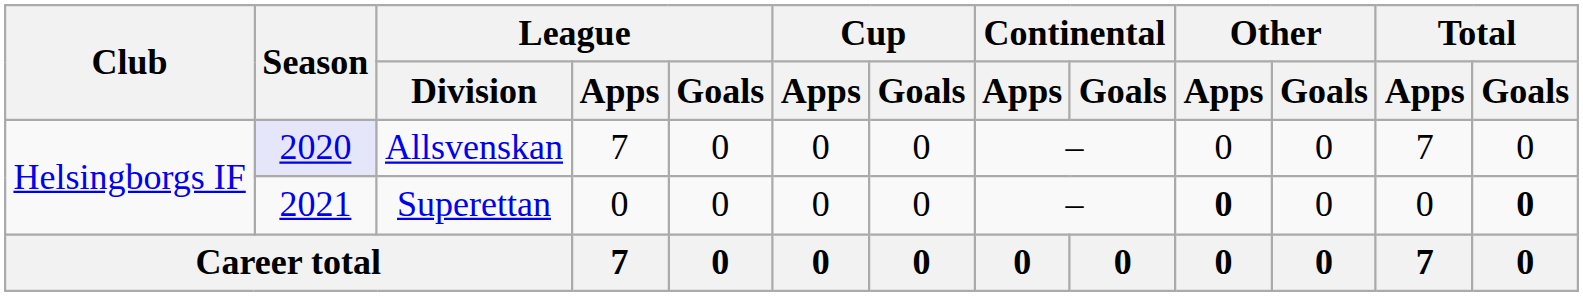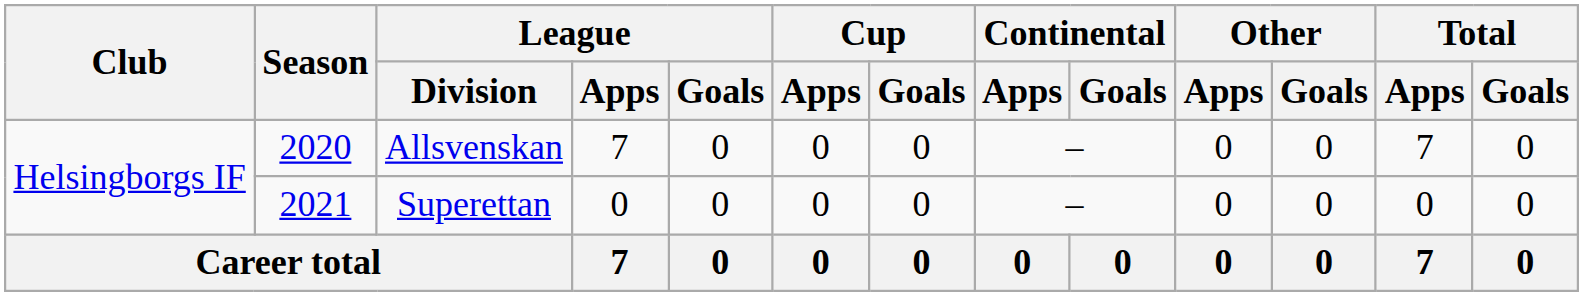 <table class="wikitable" style="text-align: center">
 <tr>
 <th rowspan="2">Club</th>
 <th rowspan="2">Season</th>
 <th colspan="3">League</th>
 <th colspan="2">Cup</th>
 <th colspan="2">Continental</th>
 <th colspan="2">Other</th>
 <th colspan="2">Total</th>
 </tr>
 <tr>
 <th>Division</th>
 <th>Apps</th>
 <th>Goals</th>
 <th>Apps</th>
 <th>Goals</th>
 <th>Apps</th>
 <th>Goals</th>
 <th>Apps</th>
 <th>Goals</th>
 <th>Apps</th>
 <th>Goals</th>
 </tr>
 <tr>
 <td rowspan="2"><a href='#'>Helsingborgs IF</a></td>
-<td style="background: lavender;"><a href='#'>2020</a></td>
+<td><a href='#'>2020</a></td>
 <td><a href='#'>Allsvenskan</a></td>
 <td>7</td>
 <td>0</td>
 <td>0</td>
 <td>0</td>
 <td colspan="2">–</td>
 <td>0</td>
 <td>0</td>
 <td>7</td>
 <td>0</td>
 </tr>
 <tr>
 <td><a href='#'>2021</a></td>
 <td><a href='#'>Superettan</a></td>
 <td>0</td>
 <td>0</td>
 <td>0</td>
 <td>0</td>
 <td colspan="2">–</td>
-<td><strong>0</strong></td>
 <td>0</td>
 <td>0</td>
-<td><strong>0</strong></td>
+<td>0</td>
+<td>0</td>
 </tr>
 <tr>
 <th colspan=3>Career total</th>
 <th>7</th>
 <th>0</th>
 <th>0</th>
 <th>0</th>
 <th>0</th>
 <th>0</th>
 <th>0</th>
 <th>0</th>
 <th>7</th>
 <th>0</th>
 </tr>
 </table>
